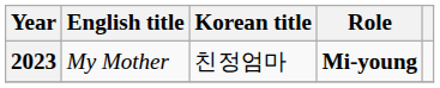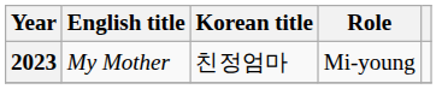 <table class="wikitable sortable plainrowheaders">
 <tr>
 <th scope="col">Year</th>
 <th scope="col">English title</th>
 <th scope="col">Korean title</th>
 <th scope="col">Role</th>
 <th scope="col" class="unsortable"></th>
 </tr>
 <tr>
 <th scope="row">2023</th>
 <td><em>My Mother</em></td>
 <td>친정엄마</td>
-<td><strong>Mi-young</strong></td>
+<td>Mi-young</td>
 <td></td>
 </tr>
 <tr>
 </tr>
 </table>
